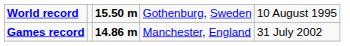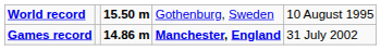 <table class="wikitable">
 <tr>
 <td><a href='#'><strong>World record</strong></a></td>
 <td></td>
 <td><strong>15.50 m</strong></td>
 <td><a href='#'>Gothenburg</a>, <a href='#'>Sweden</a></td>
 <td>10 August 1995</td>
 </tr>
 <tr>
 <td><a href='#'><strong>Games record</strong></a></td>
 <td></td>
 <td><strong>14.86 m</strong></td>
-<td><a href='#'>Manchester</a>, <a href='#'>England</a></td>
+<td><strong><a href='#'>Manchester</a>, <a href='#'>England</a></strong></td>
 <td>31 July 2002</td>
 </tr>
 </table>
